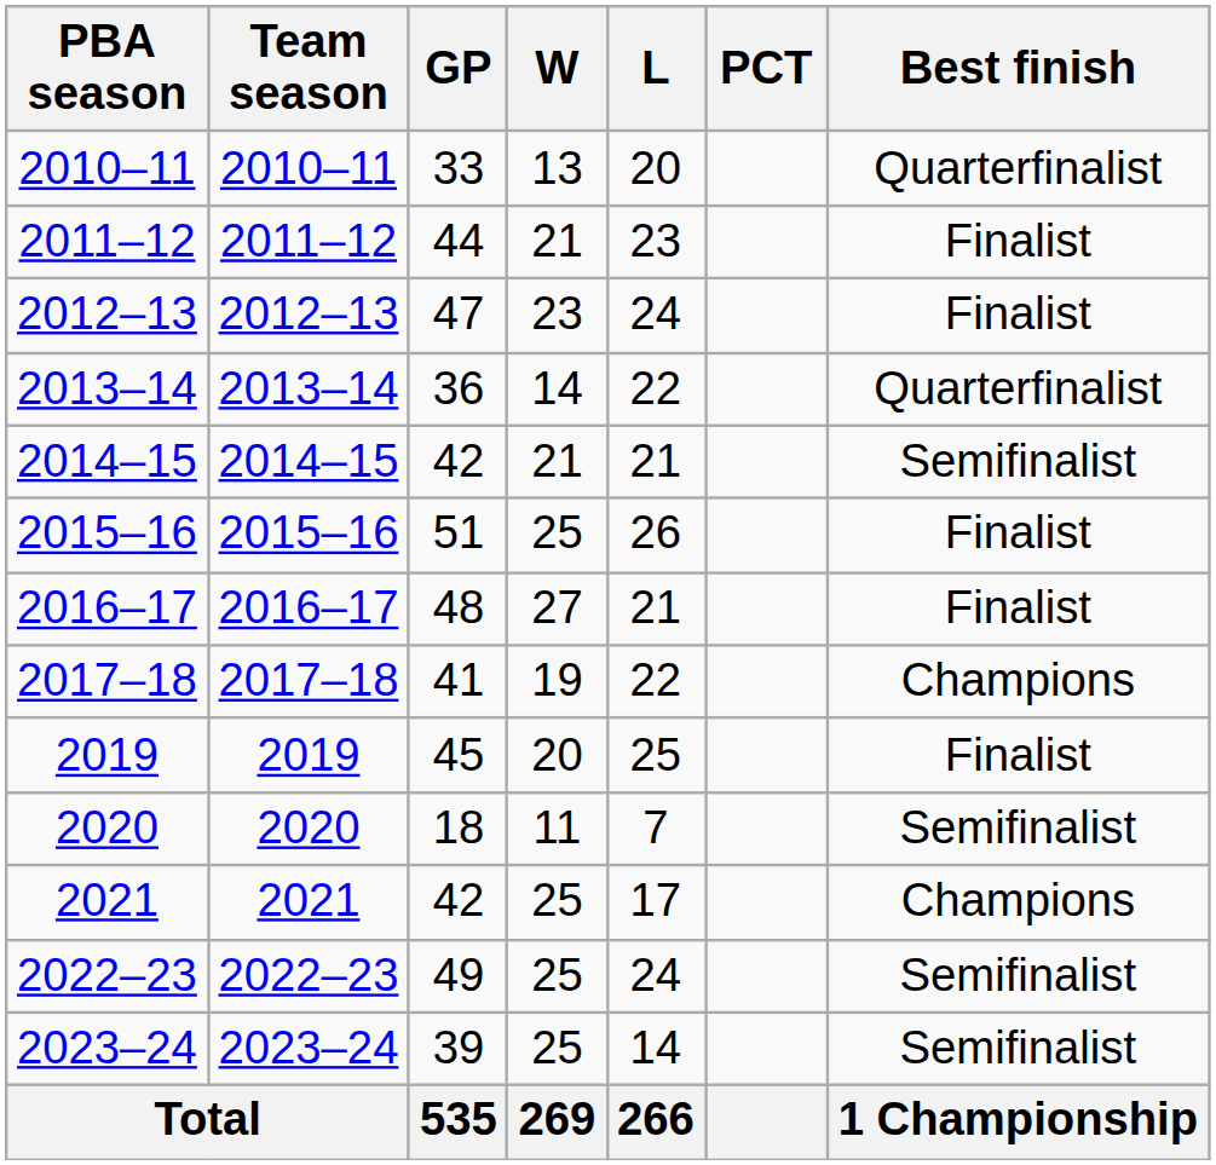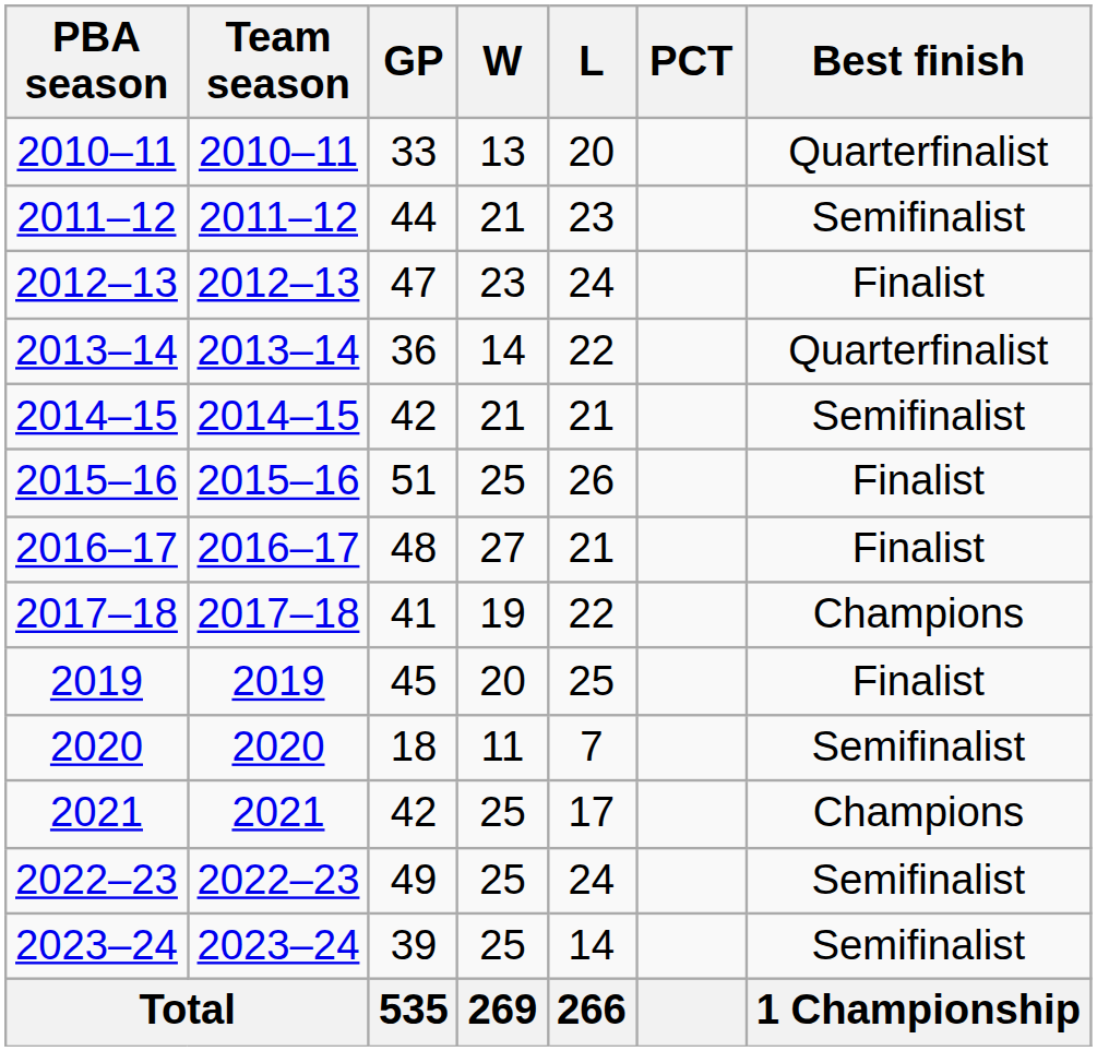 <table class=wikitable style="text-align:center;">
 <tr>
 <th>PBA <br>season</th>
 <th>Team<br>season</th>
 <th width=25>GP</th>
 <th width=25>W</th>
 <th width=25>L</th>
 <th width=35>PCT</th>
 <th>Best finish</th>
 </tr>
 <tr>
 <td><a href='#'>2010–11</a></td>
 <td><a href='#'>2010–11</a></td>
 <td>33</td>
 <td>13</td>
 <td>20</td>
 <td></td>
 <td>Quarterfinalist</td>
 </tr>
 <tr>
 <td><a href='#'>2011–12</a></td>
 <td><a href='#'>2011–12</a></td>
 <td>44</td>
 <td>21</td>
 <td>23</td>
 <td></td>
-<td>Finalist</td>
+<td>Semifinalist</td>
 </tr>
 <tr>
 <td><a href='#'>2012–13</a></td>
 <td><a href='#'>2012–13</a></td>
 <td>47</td>
 <td>23</td>
 <td>24</td>
 <td></td>
 <td>Finalist</td>
 </tr>
 <tr>
 <td><a href='#'>2013–14</a></td>
 <td><a href='#'>2013–14</a></td>
 <td>36</td>
 <td>14</td>
 <td>22</td>
 <td></td>
 <td>Quarterfinalist</td>
 </tr>
 <tr>
 <td><a href='#'>2014–15</a></td>
 <td><a href='#'>2014–15</a></td>
 <td>42</td>
 <td>21</td>
 <td>21</td>
 <td></td>
 <td>Semifinalist</td>
 </tr>
 <tr>
 <td><a href='#'>2015–16</a></td>
 <td><a href='#'>2015–16</a></td>
 <td>51</td>
 <td>25</td>
 <td>26</td>
 <td></td>
 <td>Finalist</td>
 </tr>
 <tr>
 <td><a href='#'>2016–17</a></td>
 <td><a href='#'>2016–17</a></td>
 <td>48</td>
 <td>27</td>
 <td>21</td>
 <td></td>
 <td>Finalist</td>
 </tr>
 <tr>
 <td><a href='#'>2017–18</a></td>
 <td><a href='#'>2017–18</a></td>
 <td>41</td>
 <td>19</td>
 <td>22</td>
 <td></td>
 <td>Champions</td>
 </tr>
 <tr>
 <td><a href='#'>2019</a></td>
 <td><a href='#'>2019</a></td>
 <td>45</td>
 <td>20</td>
 <td>25</td>
 <td></td>
 <td>Finalist</td>
 </tr>
 <tr>
 <td><a href='#'>2020</a></td>
 <td><a href='#'>2020</a></td>
 <td>18</td>
 <td>11</td>
 <td>7</td>
 <td></td>
 <td>Semifinalist</td>
 </tr>
 <tr>
 <td><a href='#'>2021</a></td>
 <td><a href='#'>2021</a></td>
 <td>42</td>
 <td>25</td>
 <td>17</td>
 <td></td>
 <td>Champions</td>
 </tr>
 <tr>
 <td><a href='#'>2022–23</a></td>
 <td><a href='#'>2022–23</a></td>
 <td>49</td>
 <td>25</td>
 <td>24</td>
 <td></td>
 <td>Semifinalist</td>
 </tr>
 <tr>
 <td><a href='#'>2023–24</a></td>
 <td><a href='#'>2023–24</a></td>
 <td>39</td>
 <td>25</td>
 <td>14</td>
 <td></td>
 <td>Semifinalist</td>
 </tr>
 <tr>
 <th colspan=2>Total</th>
 <th>535</th>
 <th>269</th>
 <th>266</th>
 <th></th>
 <th>1 Championship</th>
 </tr>
 </table>
